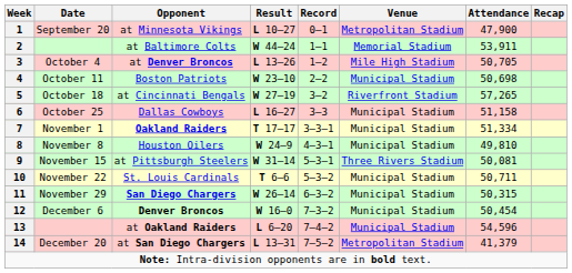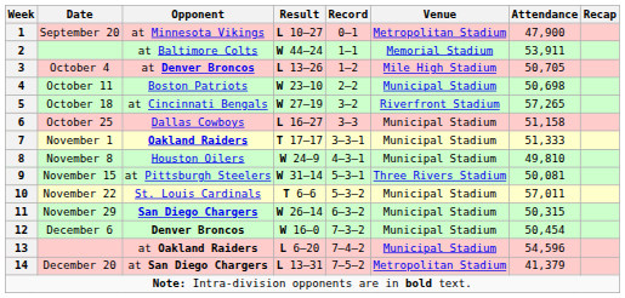 <table class="wikitable" style="text-align:center">
 <tr>
 <th>Week</th>
 <th>Date</th>
 <th>Opponent</th>
 <th>Result</th>
 <th>Record</th>
 <th>Venue</th>
 <th>Attendance</th>
 <th>Recap</th>
 </tr>
 <tr style="background:#fcc">
 <th>1</th>
 <td>September 20</td>
 <td>at <a href='#'>Minnesota Vikings</a></td>
 <td><strong>L</strong> 10–27</td>
 <td>0–1</td>
 <td><a href='#'>Metropolitan Stadium</a></td>
 <td>47,900</td>
 <td></td>
 </tr>
 <tr style="background:#cfc">
 <th>2</th>
 <td></td>
 <td>at <a href='#'>Baltimore Colts</a></td>
 <td><strong>W</strong> 44–24</td>
 <td>1–1</td>
 <td><a href='#'>Memorial Stadium</a></td>
 <td>53,911</td>
 <td></td>
 </tr>
 <tr style="background:#fcc">
 <th>3</th>
 <td>October 4</td>
 <td>at <strong><a href='#'>Denver Broncos</a></strong></td>
 <td><strong>L</strong> 13–26</td>
 <td>1–2</td>
 <td><a href='#'>Mile High Stadium</a></td>
 <td>50,705</td>
 <td></td>
 </tr>
 <tr style="background:#cfc">
 <th>4</th>
 <td>October 11</td>
 <td><a href='#'>Boston Patriots</a></td>
 <td><strong>W</strong> 23–10</td>
 <td>2–2</td>
 <td><a href='#'>Municipal Stadium</a></td>
 <td>50,698</td>
 <td></td>
 </tr>
 <tr style="background:#cfc">
 <th>5</th>
 <td>October 18</td>
 <td>at <a href='#'>Cincinnati Bengals</a></td>
 <td><strong>W</strong> 27–19</td>
 <td>3–2</td>
 <td><a href='#'>Riverfront Stadium</a></td>
 <td>57,265</td>
 <td></td>
 </tr>
 <tr style="background:#fcc">
 <th>6</th>
 <td>October 25</td>
 <td><a href='#'>Dallas Cowboys</a></td>
 <td><strong>L</strong> 16–27</td>
 <td>3–3</td>
 <td>Municipal Stadium</td>
 <td>51,158</td>
 <td></td>
 </tr>
 <tr style="background:#ffc">
 <th>7</th>
 <td>November 1</td>
 <td><strong><a href='#'>Oakland Raiders</a></strong></td>
 <td><strong>T</strong> 17–17</td>
 <td>3–3–1</td>
 <td>Municipal Stadium</td>
-<td>51,334</td>
+<td>51,333</td>
 <td></td>
 </tr>
 <tr style="background:#cfc">
 <th>8</th>
 <td>November 8</td>
 <td><a href='#'>Houston Oilers</a></td>
 <td><strong>W</strong> 24–9</td>
 <td>4–3–1</td>
 <td>Municipal Stadium</td>
 <td>49,810</td>
 <td></td>
 </tr>
 <tr style="background:#cfc">
 <th>9</th>
 <td>November 15</td>
 <td>at <a href='#'>Pittsburgh Steelers</a></td>
 <td><strong>W</strong> 31–14</td>
 <td>5–3–1</td>
 <td><a href='#'>Three Rivers Stadium</a></td>
 <td>50,081</td>
 <td></td>
 </tr>
 <tr style="background:#ffc">
 <th>10</th>
 <td>November 22</td>
 <td><a href='#'>St. Louis Cardinals</a></td>
 <td><strong>T</strong> 6–6</td>
 <td>5–3–2</td>
 <td>Municipal Stadium</td>
-<td>50,711</td>
+<td>57,011</td>
 <td></td>
 </tr>
 <tr style="background:#cfc">
 <th>11</th>
 <td>November 29</td>
 <td><strong><a href='#'>San Diego Chargers</a></strong></td>
 <td><strong>W</strong> 26–14</td>
 <td>6–3–2</td>
 <td>Municipal Stadium</td>
 <td>50,315</td>
 <td></td>
 </tr>
 <tr style="background:#cfc">
 <th>12</th>
 <td>December 6</td>
 <td><strong>Denver Broncos</strong></td>
 <td><strong>W</strong> 16–0</td>
 <td>7–3–2</td>
 <td>Municipal Stadium</td>
 <td>50,454</td>
 <td></td>
 </tr>
 <tr style="background:#fcc">
 <th>13</th>
 <td></td>
 <td>at <strong>Oakland Raiders</strong></td>
 <td><strong>L</strong> 6–20</td>
 <td>7–4–2</td>
 <td><a href='#'>Municipal Stadium</a></td>
 <td>54,596</td>
 <td></td>
 </tr>
 <tr style="background:#fcc">
 <th>14</th>
 <td>December 20</td>
 <td>at <strong>San Diego Chargers</strong></td>
 <td><strong>L</strong> 13–31</td>
 <td>7–5–2</td>
 <td><a href='#'>Metropolitan Stadium</a></td>
 <td>41,379</td>
 <td></td>
 </tr>
 <tr>
 <td colspan="8"><strong>Note:</strong> Intra-division opponents are in <strong>bold</strong> text.</td>
 </tr>
 </table>
